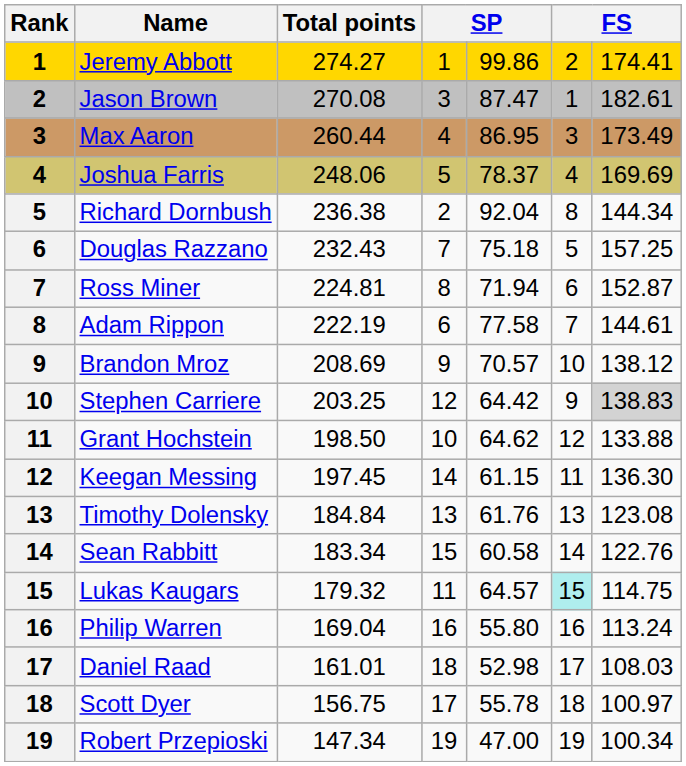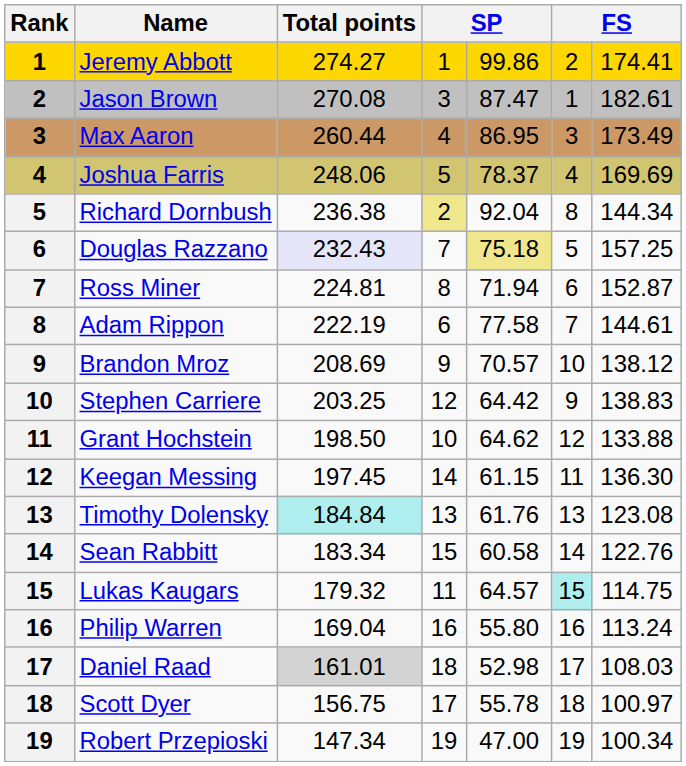 <table class="wikitable sortable">
 <tr>
 <th>Rank</th>
 <th>Name</th>
 <th>Total points</th>
 <th colspan="2" width="80px"><a href='#'>SP</a></th>
 <th colspan="2" width="80px"><a href='#'>FS</a></th>
 </tr>
 <tr bgcolor="gold">
 <td align="center"><strong>1</strong></td>
 <td><a href='#'>Jeremy Abbott</a></td>
 <td align="center">274.27</td>
 <td align="center">1</td>
 <td align="center">99.86</td>
 <td align="center">2</td>
 <td align="center">174.41</td>
 </tr>
 <tr bgcolor="silver">
 <td align="center"><strong>2</strong></td>
 <td><a href='#'>Jason Brown</a></td>
 <td align="center">270.08</td>
 <td align="center">3</td>
 <td align="center">87.47</td>
 <td align="center">1</td>
 <td align="center">182.61</td>
 </tr>
 <tr bgcolor="cc9966">
 <td align="center"><strong>3</strong></td>
 <td><a href='#'>Max Aaron</a></td>
 <td align="center">260.44</td>
 <td align="center">4</td>
 <td align="center">86.95</td>
 <td align="center">3</td>
 <td align="center">173.49</td>
 </tr>
 <tr bgcolor="#d1c571">
 <td align="center"><strong>4</strong></td>
 <td><a href='#'>Joshua Farris</a></td>
 <td align="center">248.06</td>
 <td align="center">5</td>
 <td align="center">78.37</td>
 <td align="center">4</td>
 <td align="center">169.69</td>
 </tr>
 <tr>
 <th>5</th>
 <td><a href='#'>Richard Dornbush</a></td>
 <td align="center">236.38</td>
-<td align="center">2</td>
+<td align="center" style="background: khaki;">2</td>
 <td align="center">92.04</td>
 <td align="center">8</td>
 <td align="center">144.34</td>
 </tr>
 <tr>
 <th>6</th>
 <td><a href='#'>Douglas Razzano</a></td>
-<td align="center">232.43</td>
+<td align="center" style="background: lavender;">232.43</td>
 <td align="center">7</td>
-<td align="center">75.18</td>
+<td align="center" style="background: khaki;">75.18</td>
 <td align="center">5</td>
 <td align="center">157.25</td>
 </tr>
 <tr>
 <th>7</th>
 <td><a href='#'>Ross Miner</a></td>
 <td align="center">224.81</td>
 <td align="center">8</td>
 <td align="center">71.94</td>
 <td align="center">6</td>
 <td align="center">152.87</td>
 </tr>
 <tr>
 <th>8</th>
 <td><a href='#'>Adam Rippon</a></td>
 <td align="center">222.19</td>
 <td align="center">6</td>
 <td align="center">77.58</td>
 <td align="center">7</td>
 <td align="center">144.61</td>
 </tr>
 <tr>
 <th>9</th>
 <td><a href='#'>Brandon Mroz</a></td>
 <td align="center">208.69</td>
 <td align="center">9</td>
 <td align="center">70.57</td>
 <td align="center">10</td>
 <td align="center">138.12</td>
 </tr>
 <tr>
 <th>10</th>
 <td><a href='#'>Stephen Carriere</a></td>
 <td align="center">203.25</td>
 <td align="center">12</td>
 <td align="center">64.42</td>
 <td align="center">9</td>
-<td align="center" style="background: lightgrey;">138.83</td>
+<td align="center">138.83</td>
 </tr>
 <tr>
 <th>11</th>
 <td><a href='#'>Grant Hochstein</a></td>
 <td align="center">198.50</td>
 <td align="center">10</td>
 <td align="center">64.62</td>
 <td align="center">12</td>
 <td align="center">133.88</td>
 </tr>
 <tr>
 <th>12</th>
 <td><a href='#'>Keegan Messing</a></td>
 <td align="center">197.45</td>
 <td align="center">14</td>
 <td align="center">61.15</td>
 <td align="center">11</td>
 <td align="center">136.30</td>
 </tr>
 <tr>
 <th>13</th>
 <td><a href='#'>Timothy Dolensky</a></td>
-<td align="center">184.84</td>
+<td align="center" style="background: paleturquoise;">184.84</td>
 <td align="center">13</td>
 <td align="center">61.76</td>
 <td align="center">13</td>
 <td align="center">123.08</td>
 </tr>
 <tr>
 <th>14</th>
 <td><a href='#'>Sean Rabbitt</a></td>
 <td align="center">183.34</td>
 <td align="center">15</td>
 <td align="center">60.58</td>
 <td align="center">14</td>
 <td align="center">122.76</td>
 </tr>
 <tr>
 <th>15</th>
 <td><a href='#'>Lukas Kaugars</a></td>
 <td align="center">179.32</td>
 <td align="center">11</td>
 <td align="center">64.57</td>
 <td align="center" style="background: paleturquoise;">15</td>
 <td align="center">114.75</td>
 </tr>
 <tr>
 <th>16</th>
 <td><a href='#'>Philip Warren</a></td>
 <td align="center">169.04</td>
 <td align="center">16</td>
 <td align="center">55.80</td>
 <td align="center">16</td>
 <td align="center">113.24</td>
 </tr>
 <tr>
 <th>17</th>
 <td><a href='#'>Daniel Raad</a></td>
-<td align="center">161.01</td>
+<td align="center" style="background: lightgrey;">161.01</td>
 <td align="center">18</td>
 <td align="center">52.98</td>
 <td align="center">17</td>
 <td align="center">108.03</td>
 </tr>
 <tr>
 <th>18</th>
 <td><a href='#'>Scott Dyer</a></td>
 <td align="center">156.75</td>
 <td align="center">17</td>
 <td align="center">55.78</td>
 <td align="center">18</td>
 <td align="center">100.97</td>
 </tr>
 <tr>
 <th>19</th>
 <td><a href='#'>Robert Przepioski</a></td>
 <td align="center">147.34</td>
 <td align="center">19</td>
 <td align="center">47.00</td>
 <td align="center">19</td>
 <td align="center">100.34</td>
 </tr>
 </table>
